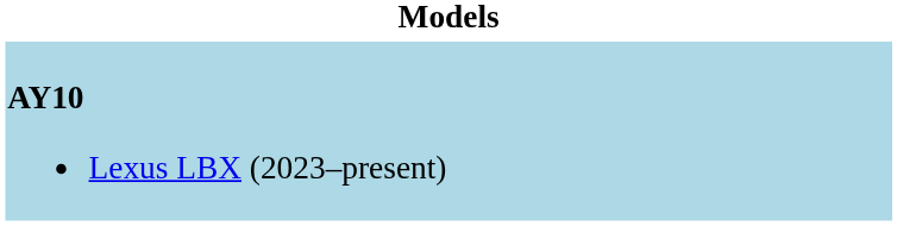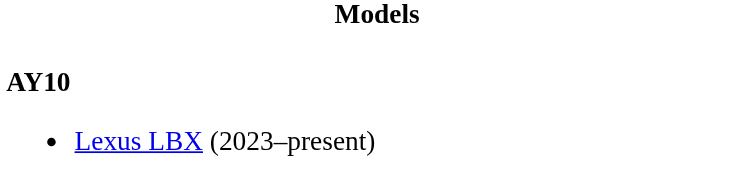 <table>
 <tr>
 <th style="width:50%">Models</th>
 </tr>
 <tr>
-<td style="background: lightblue; width:50%"><br><strong>AY10</strong><ul><li><a href='#'>Lexus LBX</a> (2023–present)</li></ul></td>
+<td style="width:50%"><br><strong>AY10</strong><ul><li><a href='#'>Lexus LBX</a> (2023–present)</li></ul></td>
 </tr>
 </table>
